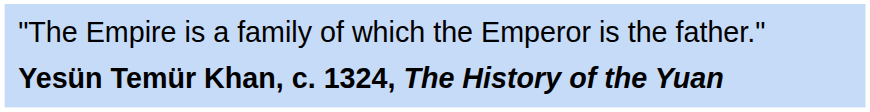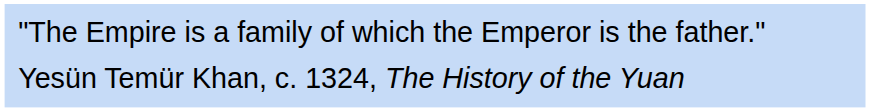 <table class="toccolours" style="float: right; margin-left: 0em; margin-right: 1em; font-size: 85%; background:#c6dbf7; color:black; width:30em; max-width: 40%;" cellspacing="5">
 <tr>
 <td style="text-align: left;">"The Empire is a family of which the Emperor is the father."</td>
 </tr>
 <tr>
-<td style="text-align: left;"><strong>Yesün Temür Khan, c. 1324, <em>The History of the Yuan</em></strong></td>
+<td style="text-align: left;">Yesün Temür Khan, c. 1324, <em>The History of the Yuan</em></td>
 </tr>
 </table>
